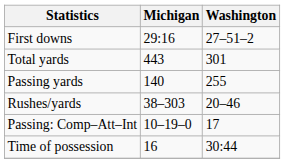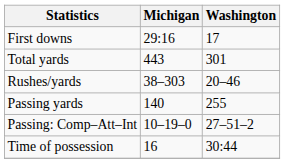 <table class="wikitable" style="float: left;">
 <tr>
 <th>Statistics</th>
 <th>Michigan</th>
 <th>Washington</th>
 </tr>
 <tr>
 <td>First downs</td>
 <td>29:16</td>
-<td>27–51–2</td>
+<td>17</td>
 </tr>
 <tr>
 <td>Total yards</td>
 <td>443</td>
 <td>301</td>
 </tr>
 <tr>
+<td>Rushes/yards</td>
+<td>38–303</td>
+<td>20–46</td>
+</tr>
+<tr>
 <td>Passing yards</td>
 <td>140</td>
 <td>255</td>
 </tr>
 <tr>
-<td>Rushes/yards</td>
-<td>38–303</td>
-<td>20–46</td>
-</tr>
-<tr>
 <td>Passing: Comp–Att–Int</td>
 <td>10–19–0</td>
-<td>17</td>
+<td>27–51–2</td>
 </tr>
 <tr>
 <td>Time of possession</td>
 <td>16</td>
 <td>30:44</td>
 </tr>
 <tr>
 </tr>
 </table>
